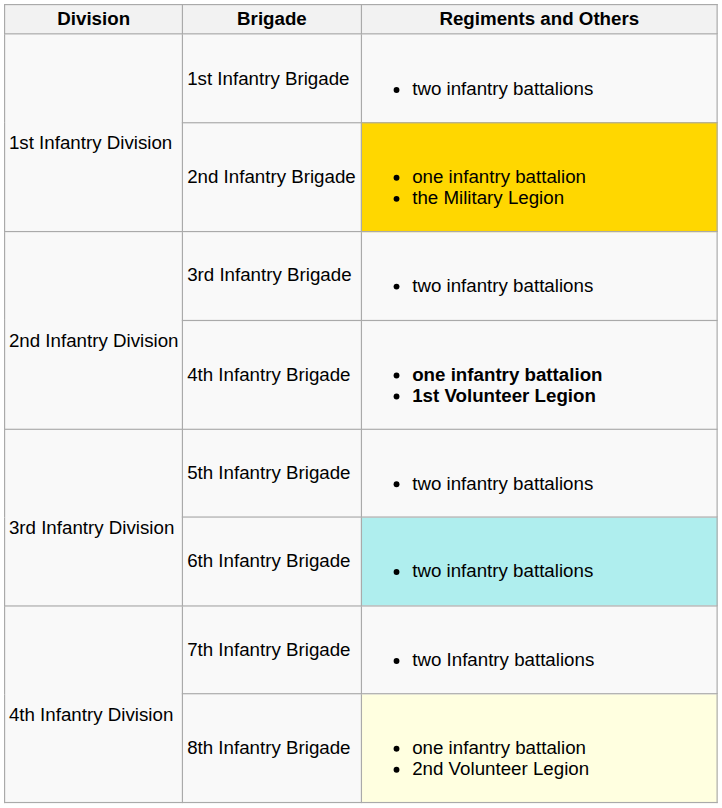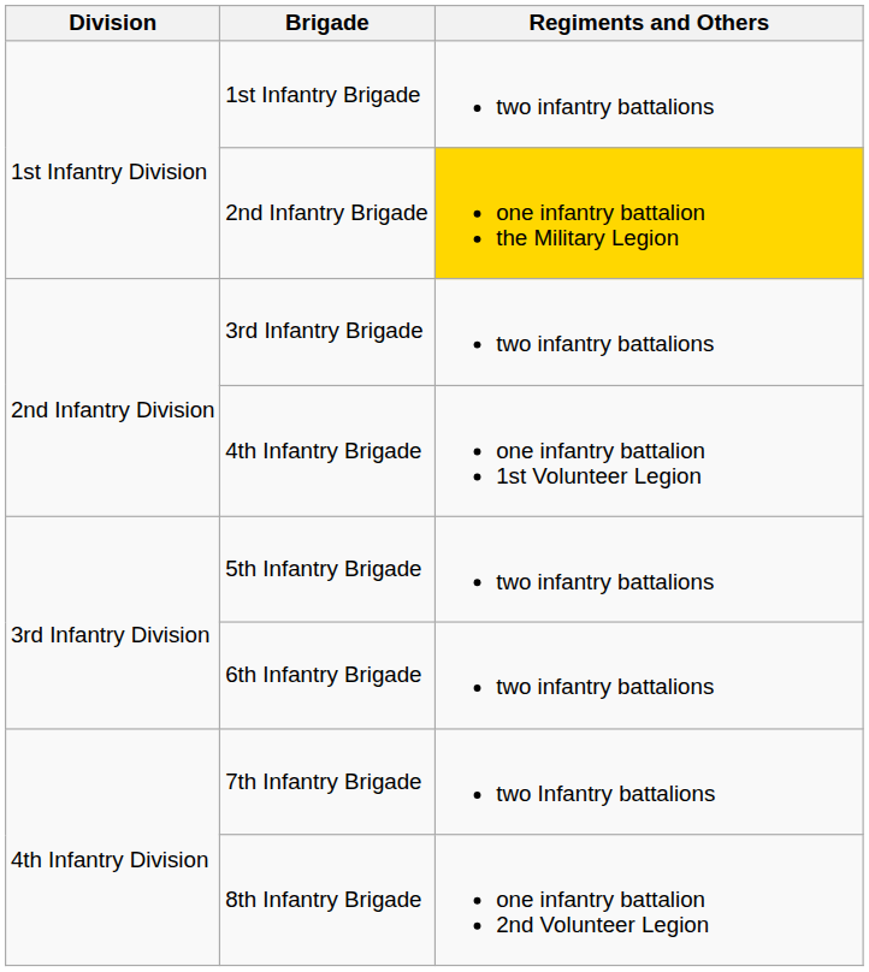 <table class="wikitable">
 <tr>
 <th style="width:25%;">Division</th>
 <th style="width:25%;">Brigade</th>
 <th>Regiments and Others</th>
 </tr>
 <tr>
 <td rowspan=2><br>1st Infantry Division</td>
 <td>1st Infantry Brigade</td>
 <td><br><ul><li>two infantry battalions</li></ul></td>
 </tr>
 <tr>
 <td>2nd Infantry Brigade</td>
 <td style="background: gold;"><br><ul><li>one infantry battalion</li><li>the Military Legion</li></ul></td>
 </tr>
 <tr>
 <td rowspan=2><br>2nd Infantry Division</td>
 <td>3rd Infantry Brigade</td>
 <td><br><ul><li>two infantry battalions</li></ul></td>
 </tr>
 <tr>
 <td>4th Infantry Brigade</td>
-<td><strong><br><ul><li>one infantry battalion</li><li>1st Volunteer Legion</li></ul></strong></td>
+<td><br><ul><li>one infantry battalion</li><li>1st Volunteer Legion</li></ul></td>
 </tr>
 <tr>
 <td rowspan=2><br>3rd Infantry Division</td>
 <td>5th Infantry Brigade</td>
 <td><br><ul><li>two infantry battalions</li></ul></td>
 </tr>
 <tr>
 <td>6th Infantry Brigade</td>
-<td style="background: paleturquoise;"><br><ul><li>two infantry battalions</li></ul></td>
+<td><br><ul><li>two infantry battalions</li></ul></td>
 </tr>
 <tr>
 <td rowspan=2><br>4th Infantry Division</td>
 <td>7th Infantry Brigade</td>
 <td><br><ul><li>two Infantry battalions</li></ul></td>
 </tr>
 <tr>
 <td>8th Infantry Brigade</td>
-<td style="background: lightyellow;"><br><ul><li>one infantry battalion</li><li>2nd Volunteer Legion</li></ul></td>
+<td><br><ul><li>one infantry battalion</li><li>2nd Volunteer Legion</li></ul></td>
 </tr>
 </table>
